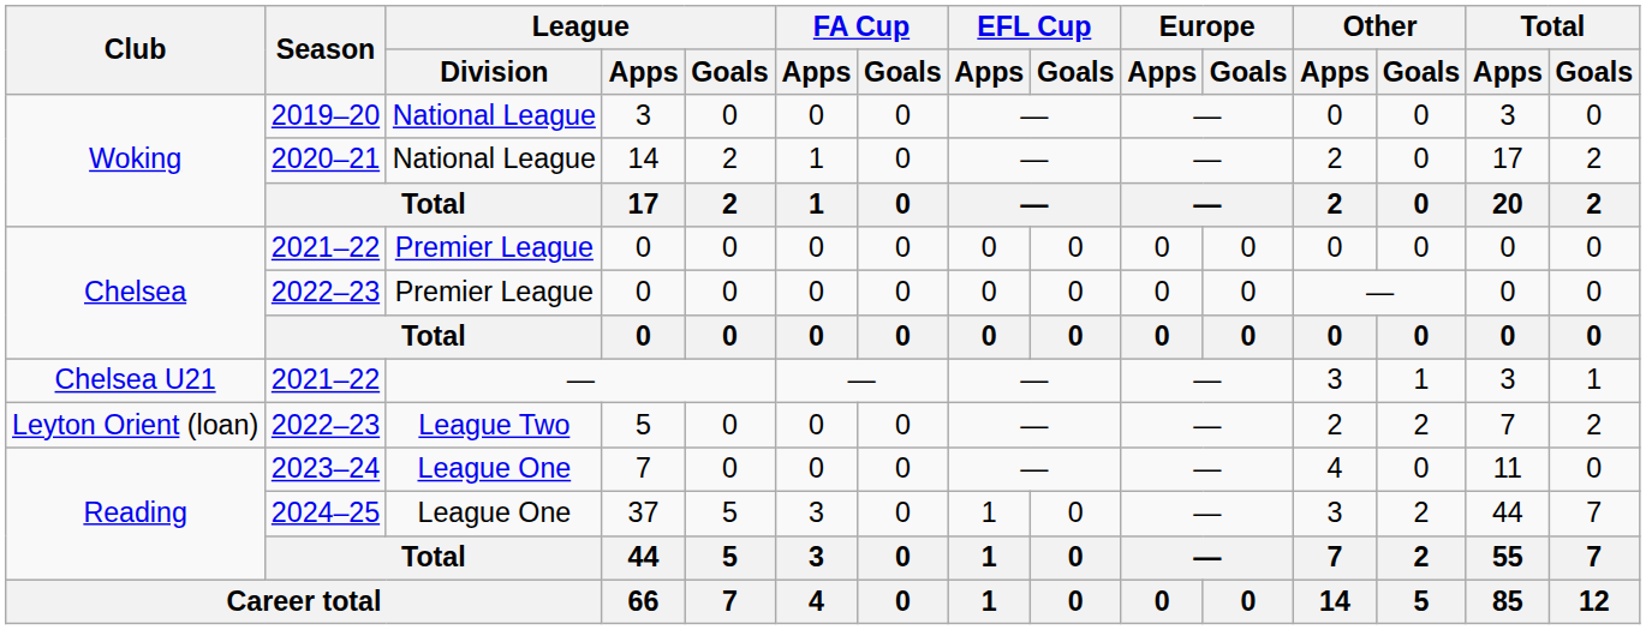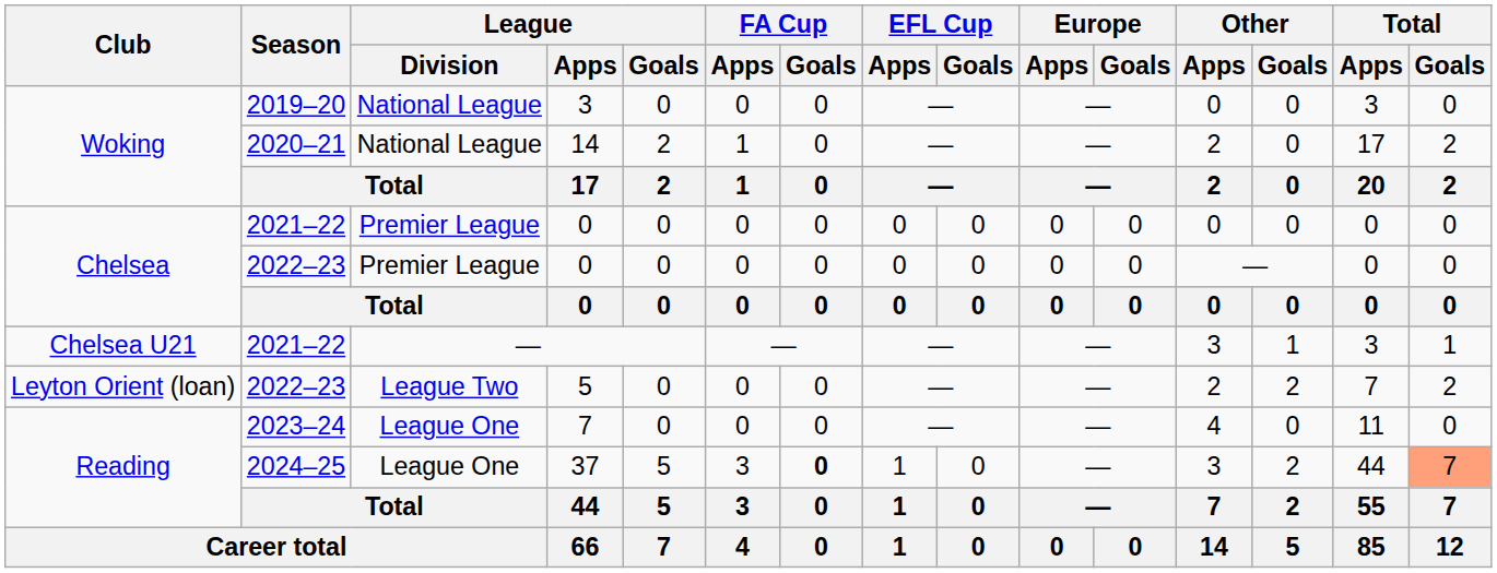 <table class="wikitable" style="text-align:center">
 <tr>
 <th rowspan="2">Club</th>
 <th rowspan="2">Season</th>
 <th colspan="3">League</th>
 <th colspan="2"><a href='#'>FA Cup</a></th>
 <th colspan="2"><a href='#'>EFL Cup</a></th>
 <th colspan="2">Europe</th>
 <th colspan="2">Other</th>
 <th colspan="2">Total</th>
 </tr>
 <tr>
 <th>Division</th>
 <th>Apps</th>
 <th>Goals</th>
 <th>Apps</th>
 <th>Goals</th>
 <th>Apps</th>
 <th>Goals</th>
 <th>Apps</th>
 <th>Goals</th>
 <th>Apps</th>
 <th>Goals</th>
 <th>Apps</th>
 <th>Goals</th>
 </tr>
 <tr>
 <td rowspan="3"><a href='#'>Woking</a></td>
 <td><a href='#'>2019–20</a></td>
 <td><a href='#'>National League</a></td>
 <td>3</td>
 <td>0</td>
 <td>0</td>
 <td>0</td>
 <td colspan="2">—</td>
 <td colspan="2">—</td>
 <td>0</td>
 <td>0</td>
 <td>3</td>
 <td>0</td>
 </tr>
 <tr>
 <td><a href='#'>2020–21</a></td>
 <td>National League</td>
 <td>14</td>
 <td>2</td>
 <td>1</td>
 <td>0</td>
 <td colspan="2">—</td>
 <td colspan="2">—</td>
 <td>2</td>
 <td>0</td>
 <td>17</td>
 <td>2</td>
 </tr>
 <tr>
 <th colspan="2">Total</th>
 <th>17</th>
 <th>2</th>
 <th>1</th>
 <th>0</th>
 <th colspan="2">—</th>
 <th colspan="2">—</th>
 <th>2</th>
 <th>0</th>
 <th>20</th>
 <th>2</th>
 </tr>
 <tr>
 <td rowspan="3"><a href='#'>Chelsea</a></td>
 <td><a href='#'>2021–22</a></td>
 <td><a href='#'>Premier League</a></td>
 <td>0</td>
 <td>0</td>
 <td>0</td>
 <td>0</td>
 <td>0</td>
 <td>0</td>
 <td>0</td>
 <td>0</td>
 <td>0</td>
 <td>0</td>
 <td>0</td>
 <td>0</td>
 </tr>
 <tr>
 <td><a href='#'>2022–23</a></td>
 <td>Premier League</td>
 <td>0</td>
 <td>0</td>
 <td>0</td>
 <td>0</td>
 <td>0</td>
 <td>0</td>
 <td>0</td>
 <td>0</td>
 <td colspan="2">—</td>
 <td>0</td>
 <td>0</td>
 </tr>
 <tr>
 <th colspan="2">Total</th>
 <th>0</th>
 <th>0</th>
 <th>0</th>
 <th>0</th>
 <th>0</th>
 <th>0</th>
 <th>0</th>
 <th>0</th>
 <th>0</th>
 <th>0</th>
 <th>0</th>
 <th>0</th>
 </tr>
 <tr>
 <td><a href='#'>Chelsea U21</a></td>
 <td><a href='#'>2021–22</a></td>
 <td colspan="3">—</td>
 <td colspan="2">—</td>
 <td colspan="2">—</td>
 <td colspan="2">—</td>
 <td>3</td>
 <td>1</td>
 <td>3</td>
 <td>1</td>
 </tr>
 <tr>
 <td><a href='#'>Leyton Orient</a> (loan)</td>
 <td><a href='#'>2022–23</a></td>
 <td><a href='#'>League Two</a></td>
 <td>5</td>
 <td>0</td>
 <td>0</td>
 <td>0</td>
 <td colspan="2">—</td>
 <td colspan="2">—</td>
 <td>2</td>
 <td>2</td>
 <td>7</td>
 <td>2</td>
 </tr>
 <tr>
 <td rowspan="3"><a href='#'>Reading</a></td>
 <td><a href='#'>2023–24</a></td>
 <td><a href='#'>League One</a></td>
 <td>7</td>
 <td>0</td>
 <td>0</td>
 <td>0</td>
 <td colspan="2">—</td>
 <td colspan="2">—</td>
 <td>4</td>
 <td>0</td>
 <td>11</td>
 <td>0</td>
 </tr>
 <tr>
 <td><a href='#'>2024–25</a></td>
 <td>League One</td>
 <td>37</td>
 <td>5</td>
 <td>3</td>
-<td>0</td>
+<td><strong>0</strong></td>
 <td>1</td>
 <td>0</td>
 <td colspan="2">—</td>
 <td>3</td>
 <td>2</td>
 <td>44</td>
-<td>7</td>
+<td style="background: lightsalmon;">7</td>
 </tr>
 <tr>
 <th colspan="2">Total</th>
 <th>44</th>
 <th>5</th>
 <th>3</th>
 <th>0</th>
 <th>1</th>
 <th>0</th>
 <th colspan="2">—</th>
 <th>7</th>
 <th>2</th>
 <th>55</th>
 <th>7</th>
 </tr>
 <tr>
 <th colspan=3>Career total</th>
 <th>66</th>
 <th>7</th>
 <th>4</th>
 <th>0</th>
 <th>1</th>
 <th>0</th>
 <th>0</th>
 <th>0</th>
 <th>14</th>
 <th>5</th>
 <th>85</th>
 <th>12</th>
 </tr>
 </table>
